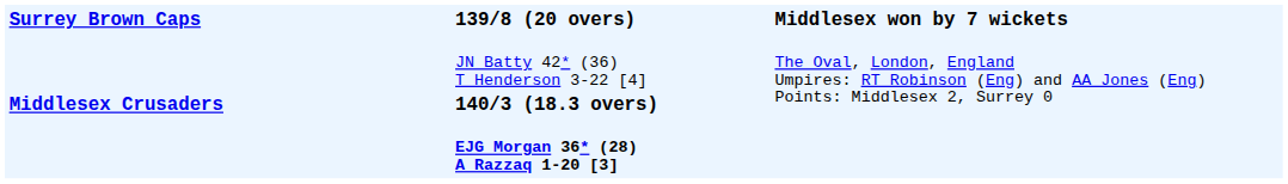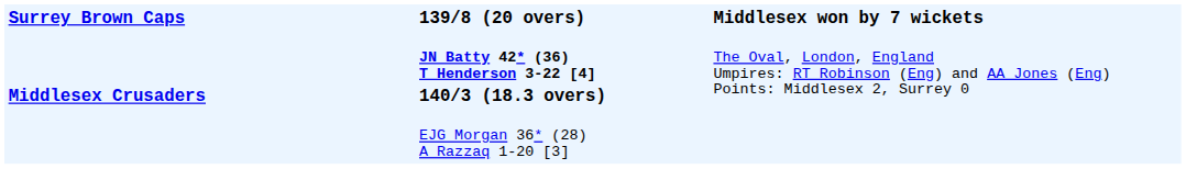 <table style="width:100%; background:#ebf5ff;">
 <tr>
 <td style="width:35%; vertical-align:top;" rowspan="2"><strong><a href='#'>Surrey Brown Caps</a></strong></td>
 <td style="width:25%;"><strong>139/8 (20 overs)</strong></td>
 <td style="width:40%;"><strong>Middlesex won by 7 wickets</strong></td>
 </tr>
 <tr>
-<td style="font-size: 85%;"><br><a href='#'>JN Batty</a> 42<a href='#'>*</a> (36)<br> <a href='#'>T Henderson</a> 3-22 [4]</td>
+<td style="font-size: 85%;"><strong><br><a href='#'>JN Batty</a> 42<a href='#'>*</a> (36)<br> <a href='#'>T Henderson</a> 3-22 [4]</strong></td>
 <td style="vertical-align:top; font-size:85%;" rowspan="3"><br><a href='#'>The Oval</a>, <a href='#'>London</a>, <a href='#'>England</a><br> Umpires: <a href='#'>RT Robinson</a> (<a href='#'>Eng</a>) and <a href='#'>AA Jones</a> (<a href='#'>Eng</a>)<br> Points: Middlesex 2, Surrey 0</td>
 </tr>
 <tr>
 <td style="vertical-align:top;" rowspan="2"><strong><a href='#'>Middlesex Crusaders</a></strong></td>
 <td><strong>140/3 (18.3 overs)</strong></td>
 </tr>
 <tr>
-<td style="font-size: 85%;"><strong><br><a href='#'>EJG Morgan</a> 36<a href='#'>*</a> (28)<br> <a href='#'>A Razzaq</a> 1-20 [3]</strong></td>
+<td style="font-size: 85%;"><br><a href='#'>EJG Morgan</a> 36<a href='#'>*</a> (28)<br> <a href='#'>A Razzaq</a> 1-20 [3]</td>
 </tr>
 </table>
